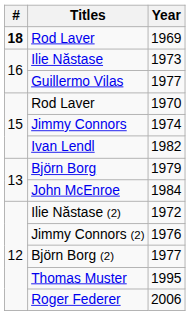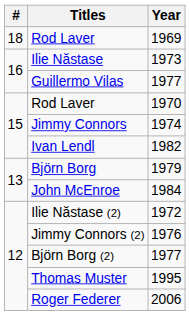 <table class="wikitable" style="display:inline-table;">
 <tr>
 <th width=20>#</th>
 <th>Titles</th>
 <th>Year</th>
 </tr>
 <tr>
-<td><strong>18</strong></td>
+<td>18</td>
 <td> <a href='#'>Rod Laver</a></td>
 <td>1969</td>
 </tr>
 <tr>
 <td rowspan=2>16</td>
 <td> <a href='#'>Ilie Năstase</a></td>
 <td>1973</td>
 </tr>
 <tr>
 <td> <a href='#'>Guillermo Vilas</a></td>
 <td>1977</td>
 </tr>
 <tr>
 <td rowspan=3>15</td>
 <td> Rod Laver</td>
 <td>1970</td>
 </tr>
 <tr>
 <td> <a href='#'>Jimmy Connors</a></td>
 <td>1974</td>
 </tr>
 <tr>
 <td> <a href='#'>Ivan Lendl</a></td>
 <td>1982</td>
 </tr>
 <tr>
 <td rowspan="2">13</td>
 <td> <a href='#'>Björn Borg</a></td>
 <td>1979<br></td>
 </tr>
 <tr>
 <td> <a href='#'>John McEnroe</a></td>
 <td>1984</td>
 </tr>
 <tr>
 <td rowspan=5>12</td>
 <td> Ilie Năstase <small>(2)</small></td>
 <td>1972</td>
 </tr>
 <tr>
 <td> Jimmy Connors <small>(2)</small></td>
 <td>1976</td>
 </tr>
 <tr>
 <td> Björn Borg <small>(2)</small></td>
 <td>1977</td>
 </tr>
 <tr>
 <td> <a href='#'>Thomas Muster</a></td>
 <td>1995</td>
 </tr>
 <tr>
 <td> <a href='#'>Roger Federer</a></td>
 <td>2006</td>
 </tr>
 </table>
